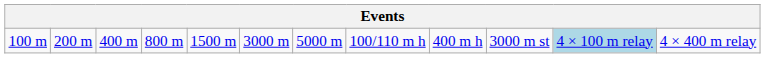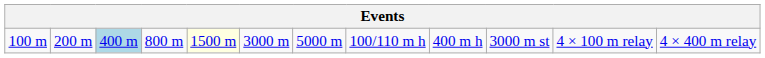 <table class="wikitable" style="margin: 1em auto 1em auto">
 <tr>
 <th colspan=12>Events</th>
 </tr>
 <tr>
 <td><a href='#'>100 m</a></td>
 <td><a href='#'>200 m</a></td>
-<td><a href='#'>400 m</a></td>
+<td style="background: lightblue;"><a href='#'>400 m</a></td>
 <td><a href='#'>800 m</a></td>
-<td><a href='#'>1500 m</a></td>
+<td style="background: lightyellow;"><a href='#'>1500 m</a></td>
 <td><a href='#'>3000 m</a></td>
 <td><a href='#'>5000 m</a></td>
 <td><a href='#'>100/110 m h</a></td>
 <td><a href='#'>400 m h</a></td>
 <td><a href='#'>3000 m st</a></td>
-<td style="background: lightblue;"><a href='#'>4 × 100 m relay</a></td>
+<td><a href='#'>4 × 100 m relay</a></td>
 <td><a href='#'>4 × 400 m relay</a></td>
 </tr>
 </table>
